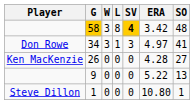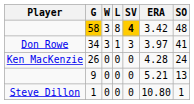 <table class="wikitable sortable">
 <tr>
 <th>Player</th>
 <th>G</th>
 <th>W</th>
 <th>L</th>
 <th>SV</th>
 <th>ERA</th>
 <th>SO</th>
 </tr>
 <tr align="center">
 <td></td>
 <td style="background:#fc0;">58</td>
 <td>3</td>
 <td>8</td>
 <td style="background:#fc0;"><strong>4</strong></td>
 <td>3.42</td>
 <td>48</td>
 </tr>
 <tr align="center">
 <td><a href='#'>Don Rowe</a></td>
 <td>34</td>
 <td>3</td>
 <td>1</td>
 <td>3</td>
-<td>4.97</td>
+<td>3.97</td>
 <td>41</td>
 </tr>
 <tr align="center">
 <td><a href='#'>Ken MacKenzie</a></td>
 <td>26</td>
 <td>0</td>
 <td>0</td>
 <td>0</td>
 <td>4.28</td>
-<td>27</td>
+<td>24</td>
 </tr>
 <tr align="center">
 <td></td>
 <td>9</td>
 <td>0</td>
 <td>0</td>
 <td>0</td>
-<td>5.22</td>
+<td>5.21</td>
 <td>13</td>
 </tr>
 <tr align="center">
 <td><a href='#'>Steve Dillon</a></td>
 <td>1</td>
 <td>0</td>
 <td>0</td>
 <td>0</td>
 <td>10.80</td>
 <td>1</td>
 </tr>
 </table>
